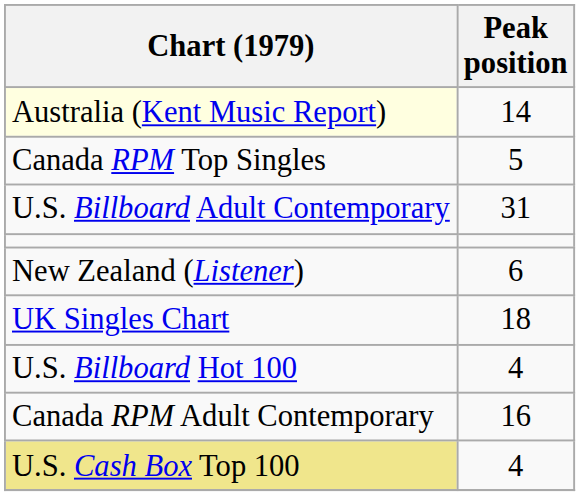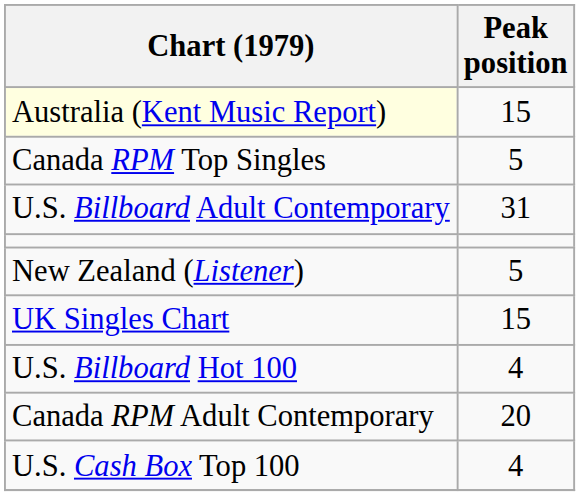 <table class="wikitable sortable">
 <tr>
 <th>Chart (1979)</th>
 <th>Peak<br>position</th>
 </tr>
 <tr>
 <td style="background: lightyellow;">Australia (<a href='#'>Kent Music Report</a>)</td>
-<td style="text-align:center;">14</td>
+<td style="text-align:center;">15</td>
 </tr>
 <tr>
 <td>Canada <em><a href='#'>RPM</a></em>  Top Singles</td>
 <td style="text-align:center;">5</td>
 </tr>
 <tr>
 <td>U.S. <em><a href='#'>Billboard</a></em> <a href='#'>Adult Contemporary</a></td>
 <td style="text-align:center;">31</td>
 </tr>
 <tr>
 <td></td>
 </tr>
 <tr>
 <td>New Zealand (<em><a href='#'>Listener</a></em>)</td>
-<td style="text-align:center;">6</td>
+<td style="text-align:center;">5</td>
 </tr>
 <tr>
 <td><a href='#'>UK Singles Chart</a></td>
-<td style="text-align:center;">18</td>
+<td style="text-align:center;">15</td>
 </tr>
 <tr>
 <td>U.S. <em><a href='#'>Billboard</a></em> <a href='#'>Hot 100</a></td>
 <td style="text-align:center;">4</td>
 </tr>
 <tr>
 <td>Canada <em>RPM</em> Adult Contemporary</td>
-<td style="text-align:center;">16</td>
+<td style="text-align:center;">20</td>
 </tr>
 <tr>
-<td style="background: khaki;">U.S. <a href='#'><em>Cash Box</em></a> Top 100</td>
+<td>U.S. <a href='#'><em>Cash Box</em></a> Top 100</td>
 <td align="center">4</td>
 </tr>
 <tr>
 </tr>
 </table>
